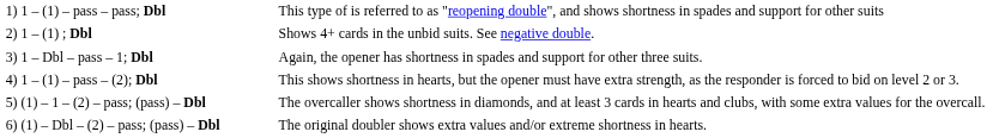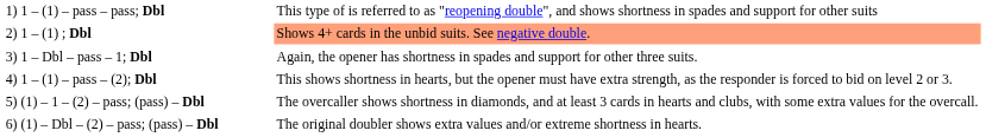 <table border="0" cellpadding="3">
 <tr>
 <td width="300" valign="top">1) 1 – (1) – pass – pass; <strong>Dbl</strong></td>
 <td>This type of is referred to as "<a href='#'>reopening double</a>", and shows shortness in spades and support for other suits</td>
 </tr>
 <tr>
 <td valign="top">2) 1 – (1) ; <strong>Dbl</strong></td>
-<td>Shows 4+ cards in the unbid suits. See <a href='#'>negative double</a>.</td>
+<td style="background: lightsalmon;">Shows 4+ cards in the unbid suits. See <a href='#'>negative double</a>.</td>
 </tr>
 <tr>
 <td valign="top">3) 1 – Dbl – pass – 1; <strong>Dbl</strong></td>
 <td>Again, the opener has shortness in spades and support for other three suits.</td>
 </tr>
 <tr>
 <td valign="top">4) 1 – (1) – pass – (2); <strong>Dbl</strong></td>
 <td>This shows shortness in hearts, but the opener must have extra strength, as the responder is forced to bid on level 2 or 3.</td>
 </tr>
 <tr>
 <td valign="top">5) (1) – 1 – (2) – pass; (pass) – <strong>Dbl</strong></td>
 <td>The overcaller shows shortness in diamonds, and at least 3 cards in hearts and clubs, with some extra values for the overcall.</td>
 </tr>
 <tr>
 <td valign="top">6) (1) – Dbl – (2) – pass; (pass) – <strong>Dbl</strong></td>
 <td>The original doubler shows extra values and/or extreme shortness in hearts.</td>
 </tr>
 </table>
